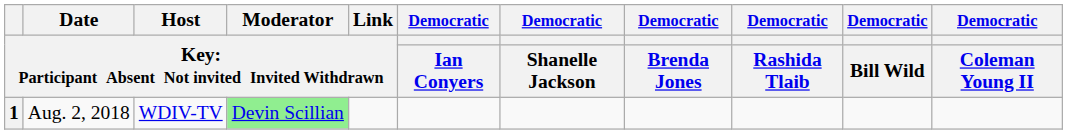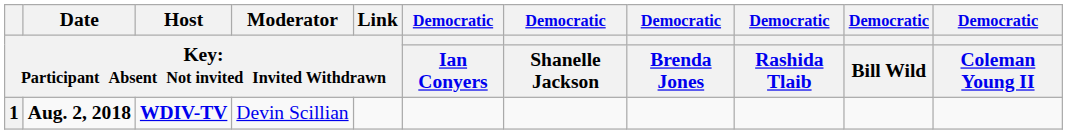 <table class="wikitable" style="text-align:center;">
 <tr>
 <th scope="col"></th>
 <th scope="col">Date</th>
 <th scope="col">Host</th>
 <th scope="col">Moderator</th>
 <th scope="col">Link</th>
 <th scope="col"><small><a href='#'>Democratic</a></small></th>
 <th scope="col"><small><a href='#'>Democratic</a></small></th>
 <th scope="col"><small><a href='#'>Democratic</a></small></th>
 <th scope="col"><small><a href='#'>Democratic</a></small></th>
 <th scope="col"><small><a href='#'>Democratic</a></small></th>
 <th scope="col"><small><a href='#'>Democratic</a></small></th>
 </tr>
 <tr>
 <th colspan="5" rowspan="2">Key:<br> <small>Participant </small>  <small>Absent </small>  <small>Not invited </small>  <small>Invited  Withdrawn</small></th>
 <th scope="col" style="background:"></th>
 <th scope="col" style="background:"></th>
 <th scope="col" style="background:"></th>
 <th scope="col" style="background:"></th>
 <th scope="col" style="background:"></th>
 <th scope="col" style="background:"></th>
 </tr>
 <tr>
 <th scope="col"><a href='#'>Ian Conyers</a></th>
 <th scope="col">Shanelle Jackson</th>
 <th scope="col"><a href='#'>Brenda Jones</a></th>
 <th scope="col"><a href='#'>Rashida Tlaib</a></th>
 <th scope="col">Bill Wild</th>
 <th scope="col"><a href='#'>Coleman Young II</a></th>
 </tr>
 <tr>
 <th>1</th>
-<td style="white-space:nowrap;">Aug. 2, 2018</td>
-<td style="white-space:nowrap;"><a href='#'>WDIV-TV</a></td>
-<td style="background: lightgreen; white-space:nowrap;"><a href='#'>Devin Scillian</a></td>
+<td style="white-space:nowrap;"><strong>Aug. 2, 2018</strong></td>
+<td style="white-space:nowrap;"><strong><a href='#'>WDIV-TV</a></strong></td>
+<td style="white-space:nowrap;"><a href='#'>Devin Scillian</a></td>
 <td style="white-space:nowrap;"></td>
 <td></td>
 <td></td>
 <td></td>
 <td></td>
 <td></td>
 <td></td>
 </tr>
 </table>
